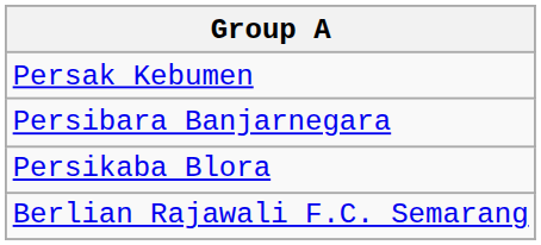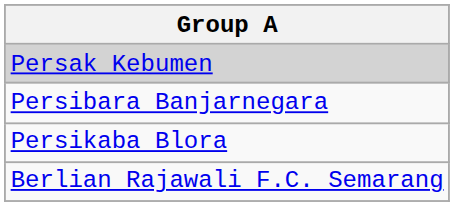 <table class="wikitable">
 <tr>
 <th><strong>Group A</strong></th>
 </tr>
 <tr>
-<td><a href='#'>Persak Kebumen</a></td>
+<td style="background: lightgrey;"><a href='#'>Persak Kebumen</a></td>
 </tr>
 <tr>
 <td><a href='#'>Persibara Banjarnegara</a></td>
 </tr>
 <tr>
 <td><a href='#'>Persikaba Blora</a></td>
 </tr>
 <tr>
 <td><a href='#'>Berlian Rajawali F.C. Semarang</a></td>
 </tr>
 </table>
